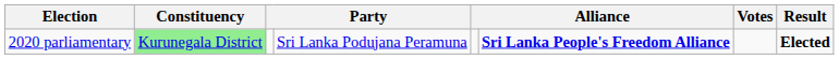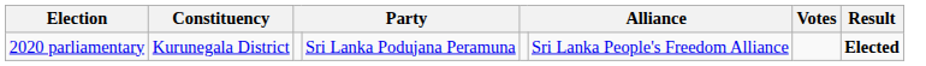 <table class="wikitable" style="text-align:left;">
 <tr>
 <th scope=col>Election</th>
 <th scope=col>Constituency</th>
 <th scope=col colspan="2">Party</th>
 <th scope=col colspan="2">Alliance</th>
 <th scope=col>Votes</th>
 <th scope=col>Result</th>
 </tr>
 <tr>
 <td><a href='#'>2020 parliamentary</a></td>
-<td style="background: lightgreen;"><a href='#'>Kurunegala District</a></td>
+<td><a href='#'>Kurunegala District</a></td>
 <td style="background:"></td>
 <td><a href='#'>Sri Lanka Podujana Peramuna</a></td>
 <td style="background:"></td>
-<td><strong><a href='#'>Sri Lanka People's Freedom Alliance</a></strong></td>
+<td><a href='#'>Sri Lanka People's Freedom Alliance</a></td>
 <td align=right></td>
 <td><strong>Elected</strong></td>
 </tr>
 </table>
